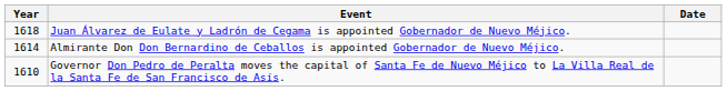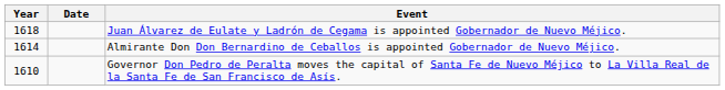 <table class="wikitable" style="width:100%;">
 <tr>
 <th style="width:6%">Year</th>
+<th style="width:8%">Date</th>
 <th style="width:86%">Event</th>
-<th style="width:8%">Date</th>
 </tr>
 <tr>
 <td align=center>1618</td>
+<td align=center> </td>
 <td><a href='#'>Juan Álvarez de Eulate y Ladrón de Cegama</a> is appointed <a href='#'>Gobernador de Nuevo Méjico</a>.</td>
-<td align=center> </td>
 </tr>
 <tr>
 <td align=center>1614</td>
+<td align=center> </td>
 <td>Almirante Don <a href='#'>Don Bernardino de Ceballos</a> is appointed <a href='#'>Gobernador de Nuevo Méjico</a>.</td>
-<td align=center> </td>
 </tr>
 <tr>
 <td align=center>1610</td>
+<td align=center> </td>
 <td>Governor <a href='#'>Don Pedro de Peralta</a> moves the capital of <a href='#'>Santa Fe de Nuevo Méjico</a> to <a href='#'>La Villa Real de la Santa Fe de San Francisco de Asís</a>.</td>
-<td align=center> </td>
 </tr>
 </table>
